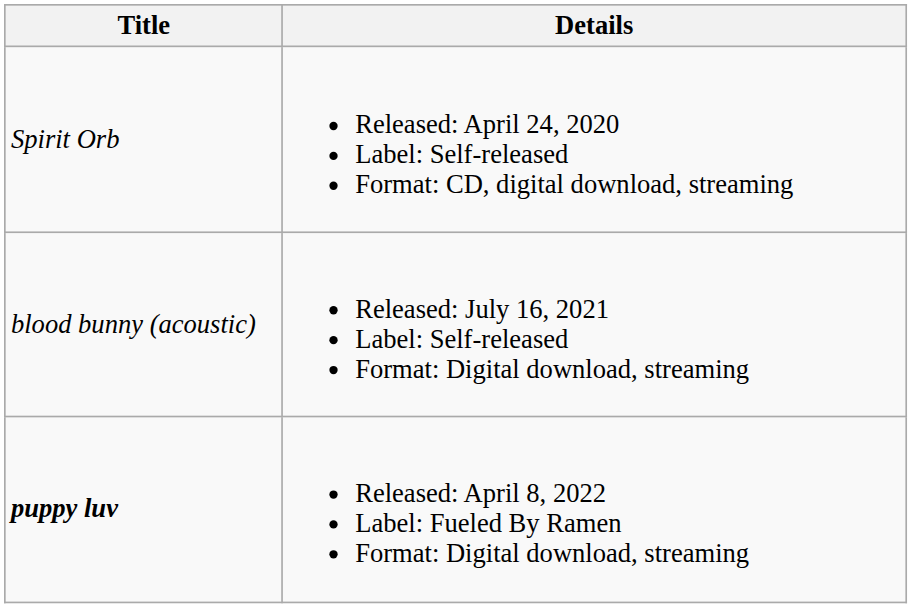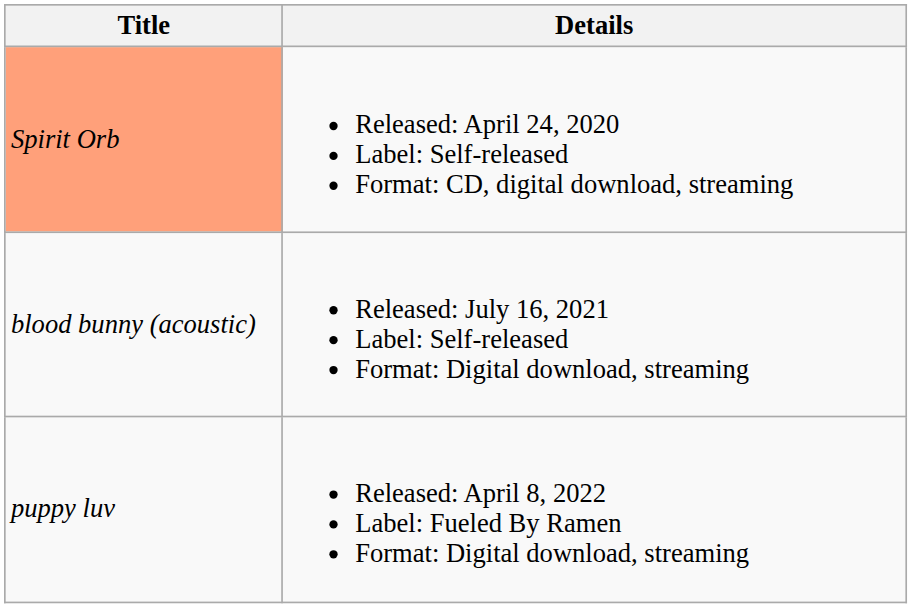 <table class="wikitable plainrowheaders">
 <tr>
 <th scope="col" style="width:10em;">Title</th>
 <th scope="col" style="width:23em;">Details</th>
 </tr>
 <tr>
-<td><em>Spirit Orb</em></td>
+<td style="background: lightsalmon;"><em>Spirit Orb</em></td>
 <td><br><ul><li>Released: April 24, 2020</li><li>Label: Self-released</li><li>Format: CD, digital download, streaming</li></ul></td>
 </tr>
 <tr>
 <td><em>blood bunny (acoustic)</em></td>
 <td><br><ul><li>Released: July 16, 2021</li><li>Label: Self-released</li><li>Format: Digital download, streaming</li></ul></td>
 </tr>
 <tr>
-<td><strong><em>puppy luv</em></strong></td>
+<td><em>puppy luv</em></td>
 <td><br><ul><li>Released: April 8, 2022</li><li>Label: Fueled By Ramen</li><li>Format: Digital download, streaming</li></ul></td>
 </tr>
 </table>
